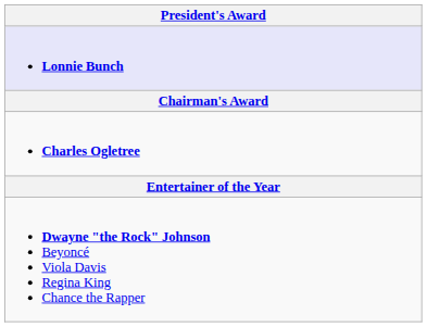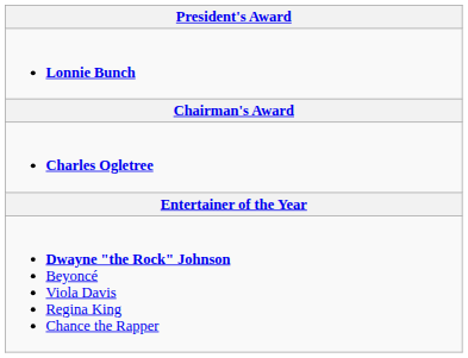 <table class="wikitable">
 <tr>
 <th style="width=50%"><a href='#'>President's Award</a></th>
 </tr>
 <tr>
-<td valign="top" width="50%" style="background: lavender;"><br><ul><li><strong><a href='#'>Lonnie Bunch</a></strong></li></ul></td>
+<td valign="top" width="50%"><br><ul><li><strong><a href='#'>Lonnie Bunch</a></strong></li></ul></td>
 </tr>
 <tr>
 <th style="width=50%"><a href='#'>Chairman's Award</a></th>
 </tr>
 <tr>
 <td valign="top" width="50%"><br><ul><li><strong><a href='#'>Charles Ogletree</a></strong></li></ul></td>
 </tr>
 <tr>
 <th style="width=50%"><a href='#'>Entertainer of the Year</a></th>
 </tr>
 <tr>
 <td valign="top" width="50%"><br><ul><li><strong><a href='#'>Dwayne "the Rock" Johnson</a></strong></li><li><a href='#'>Beyoncé</a></li><li><a href='#'>Viola Davis</a></li><li><a href='#'>Regina King</a></li><li><a href='#'>Chance the Rapper</a></li></ul></td>
 </tr>
 </table>
